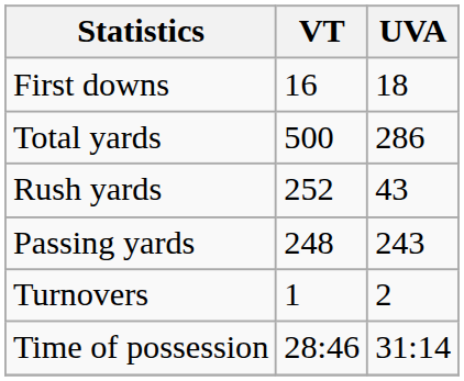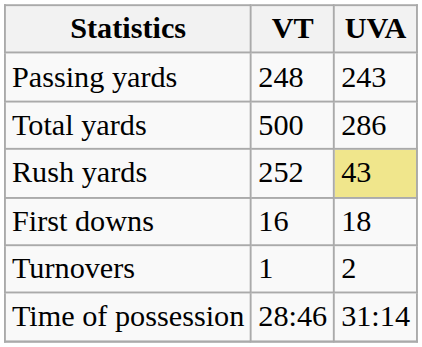 <table class="wikitable" style="float: left;">
 <tr>
 <th>Statistics</th>
 <th>VT</th>
 <th>UVA</th>
 </tr>
 <tr>
-<td>First downs</td>
-<td>16</td>
-<td>18</td>
+<td>Passing yards</td>
+<td>248</td>
+<td>243</td>
 </tr>
 <tr>
 <td>Total yards</td>
 <td>500</td>
 <td>286</td>
 </tr>
 <tr>
 <td>Rush yards</td>
 <td>252</td>
-<td>43</td>
+<td style="background: khaki;">43</td>
 </tr>
 <tr>
-<td>Passing yards</td>
-<td>248</td>
-<td>243</td>
+<td>First downs</td>
+<td>16</td>
+<td>18</td>
 </tr>
 <tr>
 <td>Turnovers</td>
 <td>1</td>
 <td>2</td>
 </tr>
 <tr>
 <td>Time of possession</td>
 <td>28:46</td>
 <td>31:14</td>
 </tr>
 <tr>
 </tr>
 </table>
